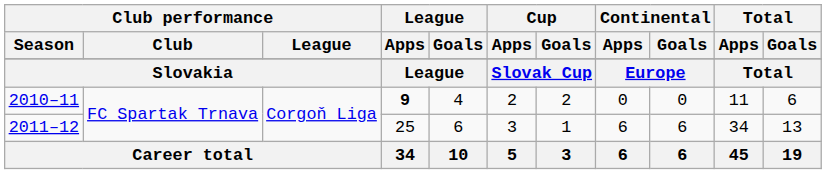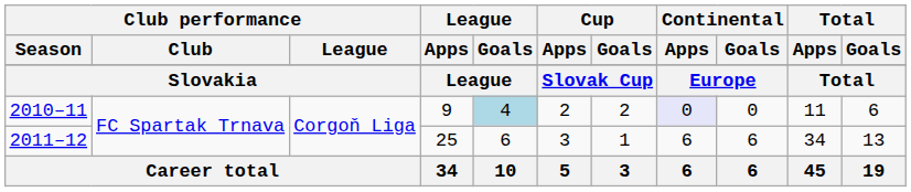 <table class="wikitable" style="text-align:center">
 <tr>
 <th colspan=3>Club performance</th>
 <th colspan=2>League</th>
 <th colspan=2>Cup</th>
 <th colspan=2>Continental</th>
 <th colspan=2>Total</th>
 </tr>
 <tr>
 <th>Season</th>
 <th>Club</th>
 <th>League</th>
 <th>Apps</th>
 <th>Goals</th>
 <th>Apps</th>
 <th>Goals</th>
 <th>Apps</th>
 <th>Goals</th>
 <th>Apps</th>
 <th>Goals</th>
 </tr>
 <tr>
 </tr>
 <tr>
 <th colspan=3>Slovakia</th>
 <th colspan=2>League</th>
 <th colspan=2><a href='#'>Slovak Cup</a></th>
 <th colspan=2><a href='#'>Europe</a></th>
 <th colspan=2>Total</th>
 </tr>
 <tr>
 <td><a href='#'>2010–11</a></td>
 <td rowspan="2"><a href='#'>FC Spartak Trnava</a></td>
 <td rowspan="2"><a href='#'>Corgoň Liga</a></td>
-<td><strong>9</strong></td>
-<td>4</td>
+<td>9</td>
+<td style="background: lightblue;">4</td>
 <td>2</td>
 <td>2</td>
-<td>0</td>
+<td style="background: lavender;">0</td>
 <td>0</td>
 <td>11</td>
 <td>6</td>
 </tr>
 <tr>
 <td><a href='#'>2011–12</a></td>
 <td>25</td>
 <td>6</td>
 <td>3</td>
 <td>1</td>
 <td>6</td>
 <td>6</td>
 <td>34</td>
 <td>13</td>
 </tr>
 <tr>
 <th colspan=3>Career total</th>
 <th>34</th>
 <th>10</th>
 <th>5</th>
 <th>3</th>
 <th>6</th>
 <th>6</th>
 <th>45</th>
 <th>19</th>
 </tr>
 </table>
